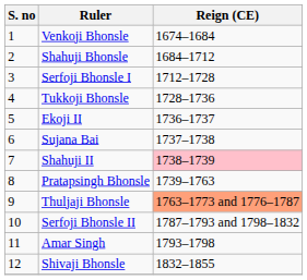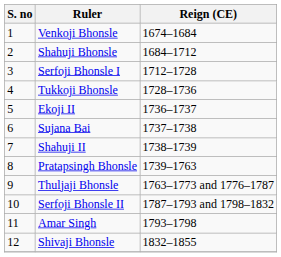 <table class="wikitable">
 <tr>
 <th>S. no</th>
 <th>Ruler</th>
 <th>Reign (CE)</th>
 </tr>
 <tr>
 <td>1</td>
 <td><a href='#'>Venkoji Bhonsle</a></td>
 <td>1674–1684</td>
 </tr>
 <tr>
 <td>2</td>
 <td><a href='#'>Shahuji Bhonsle</a></td>
 <td>1684–1712</td>
 </tr>
 <tr>
 <td>3</td>
 <td><a href='#'>Serfoji Bhonsle I</a></td>
 <td>1712–1728</td>
 </tr>
 <tr>
 <td>4</td>
 <td><a href='#'>Tukkoji Bhonsle</a></td>
 <td>1728–1736</td>
 </tr>
 <tr>
 <td>5</td>
 <td><a href='#'>Ekoji II</a></td>
 <td>1736–1737</td>
 </tr>
 <tr>
 <td>6</td>
 <td><a href='#'>Sujana Bai</a></td>
 <td>1737–1738</td>
 </tr>
 <tr>
 <td>7</td>
 <td><a href='#'>Shahuji II</a></td>
-<td style="background: pink;">1738–1739</td>
+<td>1738–1739</td>
 </tr>
 <tr>
 <td>8</td>
 <td><a href='#'>Pratapsingh Bhonsle</a></td>
 <td>1739–1763</td>
 </tr>
 <tr>
 <td>9</td>
 <td><a href='#'>Thuljaji Bhonsle</a></td>
-<td style="background: lightsalmon;">1763–1773 and 1776–1787</td>
+<td>1763–1773 and 1776–1787</td>
 </tr>
 <tr>
 <td>10</td>
 <td><a href='#'>Serfoji Bhonsle II</a></td>
 <td>1787–1793 and 1798–1832</td>
 </tr>
 <tr>
 <td>11</td>
 <td><a href='#'>Amar Singh</a></td>
 <td>1793–1798</td>
 </tr>
 <tr>
 <td>12</td>
 <td><a href='#'>Shivaji Bhonsle</a></td>
 <td>1832–1855</td>
 </tr>
 <tr>
 </tr>
 </table>
